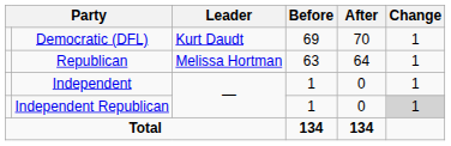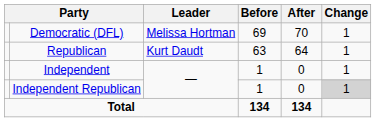 <table class="wikitable" style="text-align:center;">
 <tr>
 <th colspan=2>Party</th>
 <th>Leader</th>
 <th style="width:3em">Before</th>
 <th style="width:3em">After</th>
 <th style="width:3em">Change</th>
 </tr>
 <tr>
 <td style="background-color:"></td>
 <td><a href='#'>Democratic (DFL)</a></td>
-<td style="text-align:left;"><a href='#'>Kurt Daudt</a></td>
+<td style="text-align:left;"><a href='#'>Melissa Hortman</a></td>
 <td>69</td>
 <td>70</td>
 <td> 1</td>
 </tr>
 <tr>
 <td style="background-color:"></td>
 <td><a href='#'>Republican</a></td>
-<td style="text-align:left;"><a href='#'>Melissa Hortman</a></td>
+<td style="text-align:left;"><a href='#'>Kurt Daudt</a></td>
 <td>63</td>
 <td>64</td>
 <td> 1</td>
 </tr>
 <tr>
 <td style="background-color:"></td>
 <td><a href='#'>Independent</a></td>
 <td rowspan="2">—</td>
 <td>1</td>
 <td>0</td>
 <td> 1</td>
 </tr>
 <tr>
 <td style="background-color:"></td>
 <td><a href='#'>Independent Republican</a></td>
 <td>1</td>
 <td>0</td>
 <td style="background: lightgrey;"> 1</td>
 </tr>
 <tr>
 <td colspan="3"><strong>Total</strong></td>
 <td><strong>134</strong></td>
 <td><strong>134</strong></td>
 <td></td>
 </tr>
 </table>
